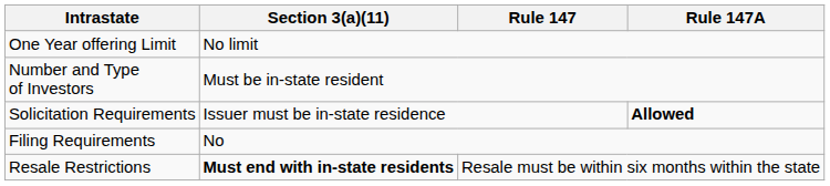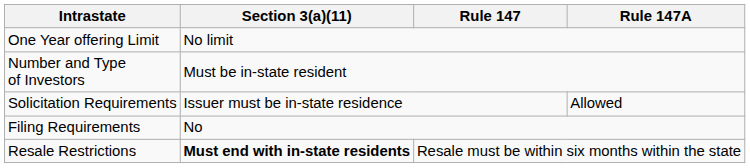 <table class="wikitable">
 <tr>
 <th>Intrastate </th>
 <th>Section 3(a)(11)</th>
 <th>Rule 147</th>
 <th>Rule 147A</th>
 </tr>
 <tr>
 <td>One Year offering Limit</td>
 <td colspan="3">No limit</td>
 </tr>
 <tr>
 <td>Number and Type<br>of Investors</td>
 <td colspan="3">Must be in-state resident</td>
 </tr>
 <tr>
 <td>Solicitation Requirements</td>
 <td colspan="2">Issuer must be in-state residence</td>
-<td><strong>Allowed</strong></td>
+<td>Allowed</td>
 </tr>
 <tr>
 <td>Filing Requirements</td>
 <td colspan="3">No</td>
 </tr>
 <tr>
 <td>Resale Restrictions</td>
 <td><strong>Must end with in-state residents</strong></td>
 <td colspan="2">Resale must be within six months within the state</td>
 </tr>
 </table>
